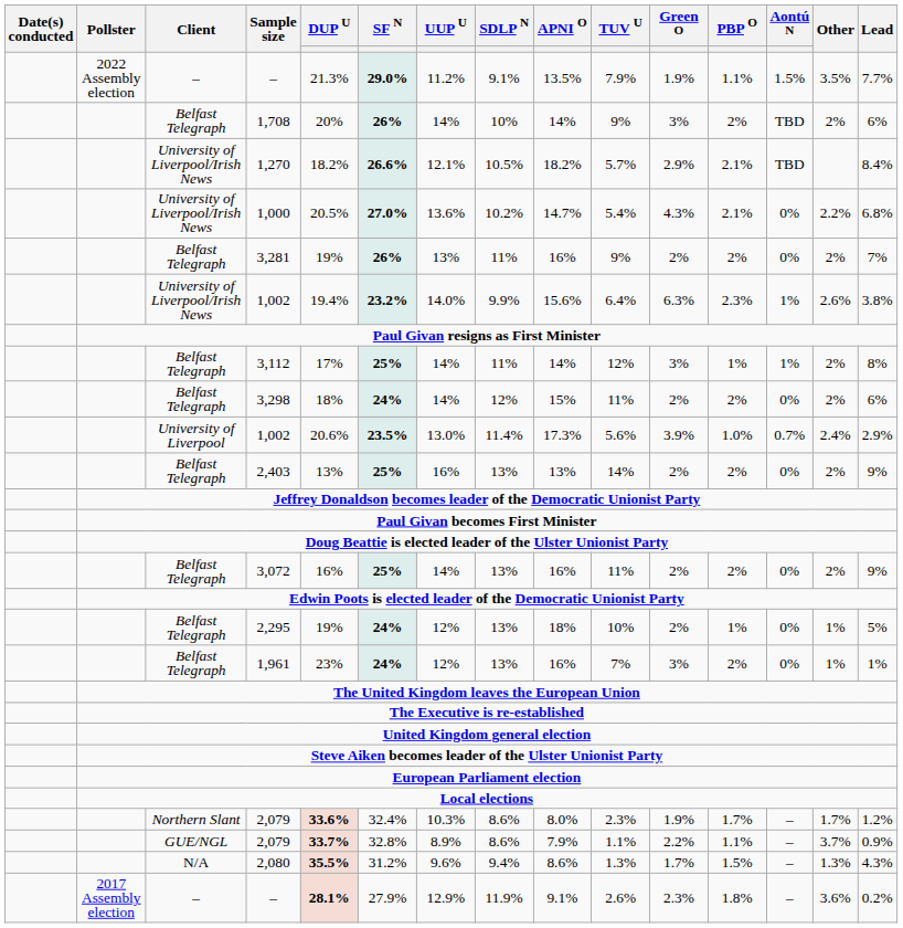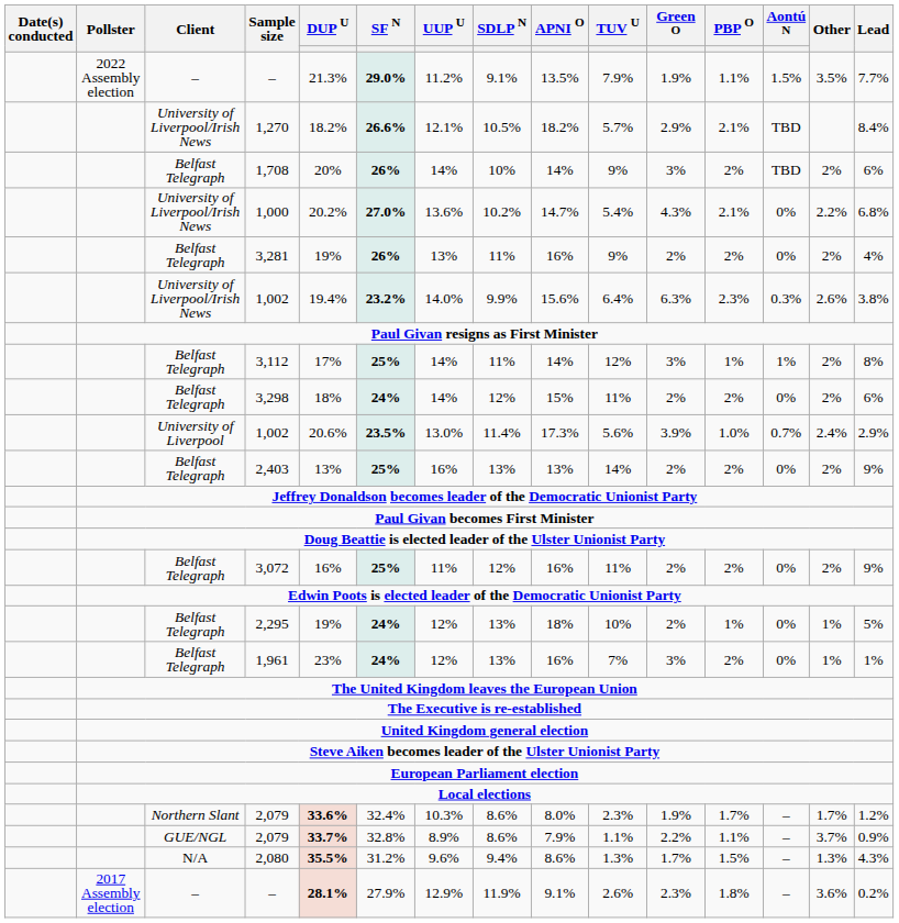 <table class="wikitable sortable mw-datatable" style="text-align:center;font-size:90%;line-height:14px;">
 <tr>
 <th rowspan="2">Date(s)<br>conducted</th>
 <th rowspan="2">Pollster</th>
 <th rowspan="2">Client</th>
 <th data-sort-type="number" rowspan="2">Sample<br>size</th>
 <th class="unsortable" style="width:50px;"><a href='#'>DUP</a> <sup>U</sup></th>
 <th class="unsortable" style="width:50px;"><a href='#'>SF</a> <sup>N</sup></th>
 <th class="unsortable" style="width:50px;"><a href='#'>UUP</a> <sup>U</sup></th>
 <th class="unsortable" style="width:50px;"><a href='#'>SDLP</a> <sup>N</sup></th>
 <th class="unsortable" style="width:50px;"><a href='#'>APNI</a> <sup>O</sup></th>
 <th class="unsortable" style="width:50px;"><a href='#'>TUV</a> <sup>U</sup></th>
 <th class="unsortable" style="width:50px;"><a href='#'>Green</a> <sup>O</sup></th>
 <th class="unsortable" style="width:50px;"><a href='#'>PBP</a> <sup>O</sup></th>
 <th><a href='#'>Aontú</a> <sup>N</sup></th>
 <th rowspan="2">Other</th>
 <th rowspan="2" class="unsortable">Lead</th>
 </tr>
 <tr>
 <th data-sort-type="number" style="background:"></th>
 <th data-sort-type="number" style="background:"></th>
 <th data-sort-type="number" style="background:"></th>
 <th data-sort-type="number" style="background:"></th>
 <th data-sort-type="number" style="background:"></th>
 <th data-sort-type="number" style="background:"></th>
 <th data-sort-type="number" style="background:"></th>
 <th data-sort-type="number" style="background:"></th>
 <th data-sort-type="number" style="background:"></th>
 </tr>
 <tr>
 <td></td>
 <td>2022 Assembly election</td>
 <td>–</td>
 <td>–</td>
 <td>21.3%</td>
 <td style="background:#DDEEEC;"><strong>29.0%</strong></td>
 <td>11.2%</td>
 <td>9.1%</td>
 <td>13.5%</td>
 <td>7.9%</td>
 <td>1.9%</td>
 <td>1.1%</td>
 <td>1.5%</td>
 <td>3.5%</td>
 <td style="background:">7.7%</td>
 </tr>
 <tr>
 <td></td>
 <td></td>
+<td><em>University of Liverpool/Irish News</em></td>
+<td>1,270</td>
+<td>18.2%</td>
+<td style="background:#DDEEEC;"><strong>26.6%</strong></td>
+<td>12.1%</td>
+<td>10.5%</td>
+<td>18.2%</td>
+<td>5.7%</td>
+<td>2.9%</td>
+<td>2.1%</td>
+<td>TBD</td>
+<td></td>
+<td style="background:">8.4%</td>
+</tr>
+<tr>
+<td></td>
+<td></td>
 <td><em>Belfast Telegraph</em></td>
 <td>1,708</td>
 <td>20%</td>
 <td style="background:#DDEEEC;"><strong>26%</strong></td>
 <td>14%</td>
 <td>10%</td>
 <td>14%</td>
 <td>9%</td>
 <td>3%</td>
 <td>2%</td>
 <td>TBD</td>
 <td>2%</td>
 <td style="background:">6%</td>
 </tr>
 <tr>
 <td></td>
 <td></td>
 <td><em>University of Liverpool/Irish News</em></td>
-<td>1,270</td>
-<td>18.2%</td>
-<td style="background:#DDEEEC;"><strong>26.6%</strong></td>
-<td>12.1%</td>
-<td>10.5%</td>
-<td>18.2%</td>
-<td>5.7%</td>
-<td>2.9%</td>
-<td>2.1%</td>
-<td>TBD</td>
-<td></td>
-<td style="background:">8.4%</td>
-</tr>
-<tr>
-<td></td>
-<td></td>
-<td><em>University of Liverpool/Irish News</em></td>
 <td>1,000</td>
-<td>20.5%</td>
+<td>20.2%</td>
 <td style="background:#DDEEEC;"><strong>27.0%</strong></td>
 <td>13.6%</td>
 <td>10.2%</td>
 <td>14.7%</td>
 <td>5.4%</td>
 <td>4.3%</td>
 <td>2.1%</td>
 <td>0%</td>
 <td>2.2%</td>
 <td style="background:">6.8%</td>
 </tr>
 <tr>
 <td></td>
 <td></td>
 <td><em>Belfast Telegraph</em></td>
 <td>3,281</td>
 <td>19%</td>
 <td style="background:#DDEEEC;"><strong>26%</strong></td>
 <td>13%</td>
 <td>11%</td>
 <td>16%</td>
 <td>9%</td>
 <td>2%</td>
 <td>2%</td>
 <td>0%</td>
 <td>2%</td>
-<td style="background:">7%</td>
+<td style="background:">4%</td>
 </tr>
 <tr>
 <td></td>
 <td></td>
 <td><em>University of Liverpool/Irish News</em></td>
 <td>1,002</td>
 <td>19.4%</td>
 <td style="background:#DDEEEC;"><strong>23.2%</strong></td>
 <td>14.0%</td>
 <td>9.9%</td>
 <td>15.6%</td>
 <td>6.4%</td>
 <td>6.3%</td>
 <td>2.3%</td>
-<td>1%</td>
+<td>0.3%</td>
 <td>2.6%</td>
 <td style="background:">3.8%</td>
 </tr>
 <tr>
 <td></td>
 <td colspan="14"><strong><a href='#'>Paul Givan</a> resigns as First Minister</strong></td>
 </tr>
 <tr>
 <td></td>
 <td></td>
 <td><em>Belfast Telegraph</em></td>
 <td>3,112</td>
 <td>17%</td>
 <td style="background:#DDEEEC;"><strong>25%</strong></td>
 <td>14%</td>
 <td>11%</td>
 <td>14%</td>
 <td>12%</td>
 <td>3%</td>
 <td>1%</td>
 <td>1%</td>
 <td>2%</td>
 <td style="background:">8%</td>
 </tr>
 <tr>
 <td></td>
 <td></td>
 <td><em>Belfast Telegraph</em></td>
 <td>3,298</td>
 <td>18%</td>
 <td style="background:#DDEEEC;"><strong>24%</strong></td>
 <td>14%</td>
 <td>12%</td>
 <td>15%</td>
 <td>11%</td>
 <td>2%</td>
 <td>2%</td>
 <td>0%</td>
 <td>2%</td>
 <td style="background:">6%</td>
 </tr>
 <tr>
 <td></td>
 <td></td>
 <td><em>University of Liverpool</em></td>
 <td>1,002</td>
 <td>20.6%</td>
 <td style="background:#DDEEEC;"><strong>23.5%</strong></td>
 <td>13.0%</td>
 <td>11.4%</td>
 <td>17.3%</td>
 <td>5.6%</td>
 <td>3.9%</td>
 <td>1.0%</td>
 <td>0.7%</td>
 <td>2.4%</td>
 <td style="background:">2.9%</td>
 </tr>
 <tr>
 <td></td>
 <td></td>
 <td><em>Belfast Telegraph</em></td>
 <td>2,403</td>
 <td>13%</td>
 <td style="background:#DDEEEC;"><strong>25%</strong></td>
 <td>16%</td>
 <td>13%</td>
 <td>13%</td>
 <td>14%</td>
 <td>2%</td>
 <td>2%</td>
 <td>0%</td>
 <td>2%</td>
 <td style="background:">9%</td>
 </tr>
 <tr>
 <td></td>
 <td colspan="14"><strong><a href='#'>Jeffrey Donaldson</a> <a href='#'>becomes leader</a> of the <a href='#'>Democratic Unionist Party</a></strong></td>
 </tr>
 <tr>
 <td></td>
 <td colspan="14"><strong><a href='#'>Paul Givan</a> becomes First Minister</strong></td>
 </tr>
 <tr>
 <td></td>
 <td colspan="14"><strong><a href='#'>Doug Beattie</a> is elected leader of the <a href='#'>Ulster Unionist Party</a></strong></td>
 </tr>
 <tr>
 <td></td>
 <td></td>
 <td><em>Belfast Telegraph</em></td>
 <td>3,072</td>
 <td>16%</td>
 <td style="background:#DDEEEC;"><strong>25%</strong></td>
-<td>14%</td>
-<td>13%</td>
+<td>11%</td>
+<td>12%</td>
 <td>16%</td>
 <td>11%</td>
 <td>2%</td>
 <td>2%</td>
 <td>0%</td>
 <td>2%</td>
 <td style="background:">9%</td>
 </tr>
 <tr>
 <td></td>
 <td colspan="14"><strong><a href='#'>Edwin Poots</a> is <a href='#'>elected leader</a> of the <a href='#'>Democratic Unionist Party</a></strong></td>
 </tr>
 <tr>
 <td></td>
 <td></td>
 <td><em>Belfast Telegraph</em></td>
 <td>2,295</td>
 <td>19%</td>
 <td style="background:#DDEEEC;"><strong>24%</strong></td>
 <td>12%</td>
 <td>13%</td>
 <td>18%</td>
 <td>10%</td>
 <td>2%</td>
 <td>1%</td>
 <td>0%</td>
 <td>1%</td>
 <td style="background:">5%</td>
 </tr>
 <tr>
 <td></td>
 <td></td>
 <td><em>Belfast Telegraph</em></td>
 <td>1,961</td>
 <td>23%</td>
 <td style="background:#DDEEEC;"><strong>24%</strong></td>
 <td>12%</td>
 <td>13%</td>
 <td>16%</td>
 <td>7%</td>
 <td>3%</td>
 <td>2%</td>
 <td>0%</td>
 <td>1%</td>
 <td style="background:">1%</td>
 </tr>
 <tr>
 <td></td>
 <td colspan="14"><a href='#'><strong>The United Kingdom leaves the European Union</strong></a></td>
 </tr>
 <tr>
 <td></td>
 <td colspan="14"><a href='#'><strong>The Executive is re-established</strong></a></td>
 </tr>
 <tr>
 <td></td>
 <td colspan="14"><strong><a href='#'>United Kingdom general election</a></strong></td>
 </tr>
 <tr>
 <td></td>
 <td colspan="14"><strong><a href='#'>Steve Aiken</a> becomes leader of the <a href='#'>Ulster Unionist Party</a></strong></td>
 </tr>
 <tr>
 <td></td>
 <td colspan="14"><strong><a href='#'>European Parliament election</a></strong></td>
 </tr>
 <tr>
 <td></td>
 <td colspan="14"><a href='#'><strong>Local elections</strong></a></td>
 </tr>
 <tr>
 <td></td>
 <td></td>
 <td><em>Northern Slant</em></td>
 <td>2,079</td>
 <td style="background:#F5DDD6;"><strong>33.6%</strong></td>
 <td>32.4%</td>
 <td>10.3%</td>
 <td>8.6%</td>
 <td>8.0%</td>
 <td>2.3%</td>
 <td>1.9%</td>
 <td>1.7%</td>
 <td>–</td>
 <td>1.7%</td>
 <td style="background:">1.2%</td>
 </tr>
 <tr>
 <td></td>
 <td></td>
 <td><em>GUE/NGL</em></td>
 <td>2,079</td>
 <td style="background:#F5DDD6;"><strong>33.7%</strong></td>
 <td>32.8%</td>
 <td>8.9%</td>
 <td>8.6%</td>
 <td>7.9%</td>
 <td>1.1%</td>
 <td>2.2%</td>
 <td>1.1%</td>
 <td>–</td>
 <td>3.7%</td>
 <td style="background:">0.9%</td>
 </tr>
 <tr>
 <td></td>
 <td></td>
 <td>N/A</td>
 <td>2,080</td>
 <td style="background:#F5DDD6;"><strong>35.5%</strong></td>
 <td>31.2%</td>
 <td>9.6%</td>
 <td>9.4%</td>
 <td>8.6%</td>
 <td>1.3%</td>
 <td>1.7%</td>
 <td>1.5%</td>
 <td>–</td>
 <td>1.3%</td>
 <td style="background:">4.3%</td>
 </tr>
 <tr>
 <td></td>
 <td><a href='#'>2017 Assembly election</a></td>
 <td>–</td>
 <td>–</td>
 <td style="background:#F5DDD6;"><strong>28.1%</strong></td>
 <td>27.9%</td>
 <td>12.9%</td>
 <td>11.9%</td>
 <td>9.1%</td>
 <td>2.6%</td>
 <td>2.3%</td>
 <td>1.8%</td>
 <td>–</td>
 <td>3.6%</td>
 <td style="background:">0.2%</td>
 </tr>
 </table>
